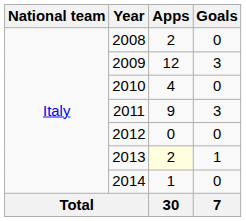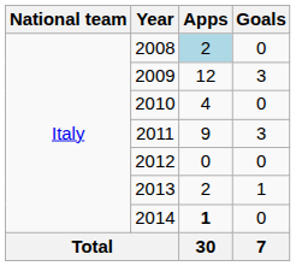 <table class="wikitable" style="text-align:center">
 <tr>
 <th>National team</th>
 <th>Year</th>
 <th>Apps</th>
 <th>Goals</th>
 </tr>
 <tr>
 <td rowspan="7"><a href='#'>Italy</a></td>
 <td>2008</td>
-<td>2</td>
+<td style="background: lightblue;">2</td>
 <td>0</td>
 </tr>
 <tr>
 <td>2009</td>
 <td>12</td>
 <td>3</td>
 </tr>
 <tr>
 <td>2010</td>
 <td>4</td>
 <td>0</td>
 </tr>
 <tr>
 <td>2011</td>
 <td>9</td>
 <td>3</td>
 </tr>
 <tr>
 <td>2012</td>
 <td>0</td>
 <td>0</td>
 </tr>
 <tr>
 <td>2013</td>
-<td style="background: lightyellow;">2</td>
+<td>2</td>
 <td>1</td>
 </tr>
 <tr>
 <td>2014</td>
-<td>1</td>
+<td><strong>1</strong></td>
 <td>0</td>
 </tr>
 <tr>
 <th colspan="2">Total</th>
 <th>30</th>
 <th>7</th>
 </tr>
 </table>
